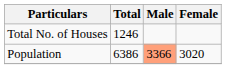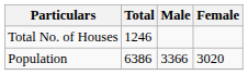 <table class="wikitable sortable">
 <tr>
 <th>Particulars</th>
 <th>Total</th>
 <th>Male</th>
 <th>Female</th>
 </tr>
 <tr>
 <td>Total No. of Houses</td>
 <td>1246</td>
 <td></td>
 <td></td>
 </tr>
 <tr>
 <td>Population</td>
 <td>6386</td>
-<td style="background: lightsalmon;">3366</td>
+<td>3366</td>
 <td>3020</td>
 </tr>
 <tr>
 </tr>
 </table>
